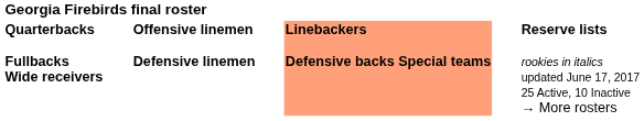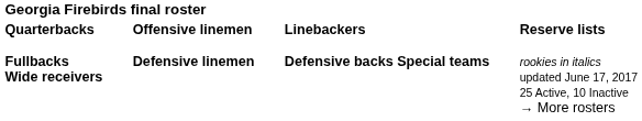 <table class="toccolours" style="text-align: left;">
 <tr>
 <th colspan="7">Georgia Firebirds final roster</th>
 </tr>
 <tr>
 <td style="font-size: 95%;vertical-align:top;"><strong>Quarterbacks</strong><br><br><strong>Fullbacks</strong> <br><strong>Wide receivers</strong>        </td>
 <td style="width: 25px;"></td>
 <td style="font-size: 95%;vertical-align:top;"><strong>Offensive linemen</strong><br>  <br><strong>Defensive linemen</strong>     </td>
 <td style="width: 25px;"></td>
-<td style="background: lightsalmon; font-size: 95%;vertical-align:top;"><strong>Linebackers</strong><br><br><strong>Defensive backs</strong>       <strong>Special teams</strong> </td>
+<td style="font-size: 95%;vertical-align:top;"><strong>Linebackers</strong><br><br><strong>Defensive backs</strong>       <strong>Special teams</strong> </td>
 <td style="width: 25px;"></td>
 <td style="font-size: 95%;vertical-align:top;"><strong>Reserve lists</strong><br>         <br><small><em>rookies in italics</em></small><br> <small> updated June 17, 2017</small><br> <small>25 Active, 10 Inactive</small><br>→ More rosters</td>
 </tr>
 <tr>
 </tr>
 </table>
